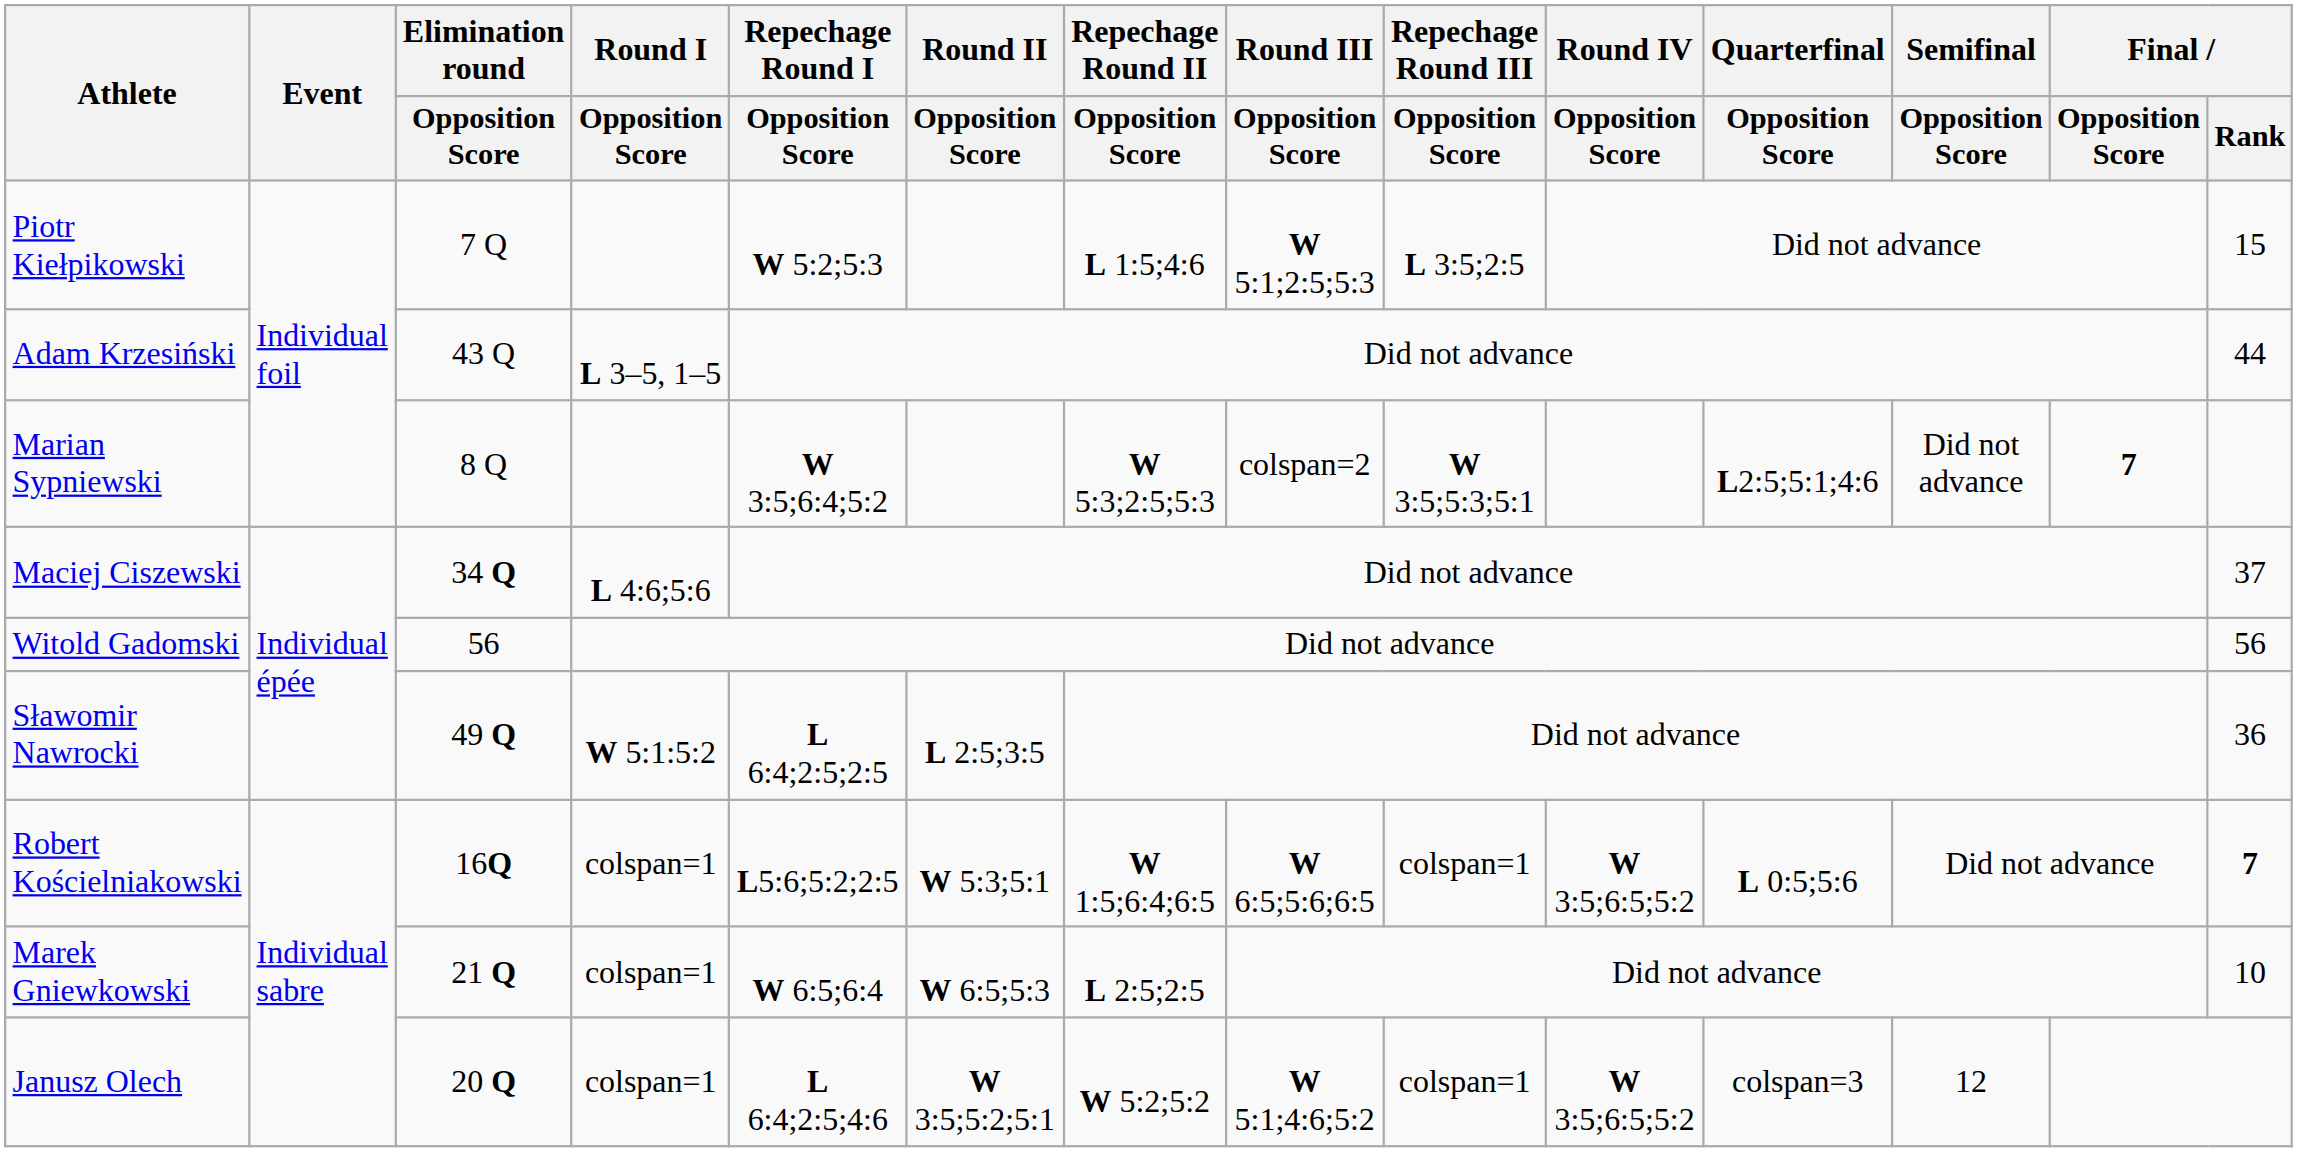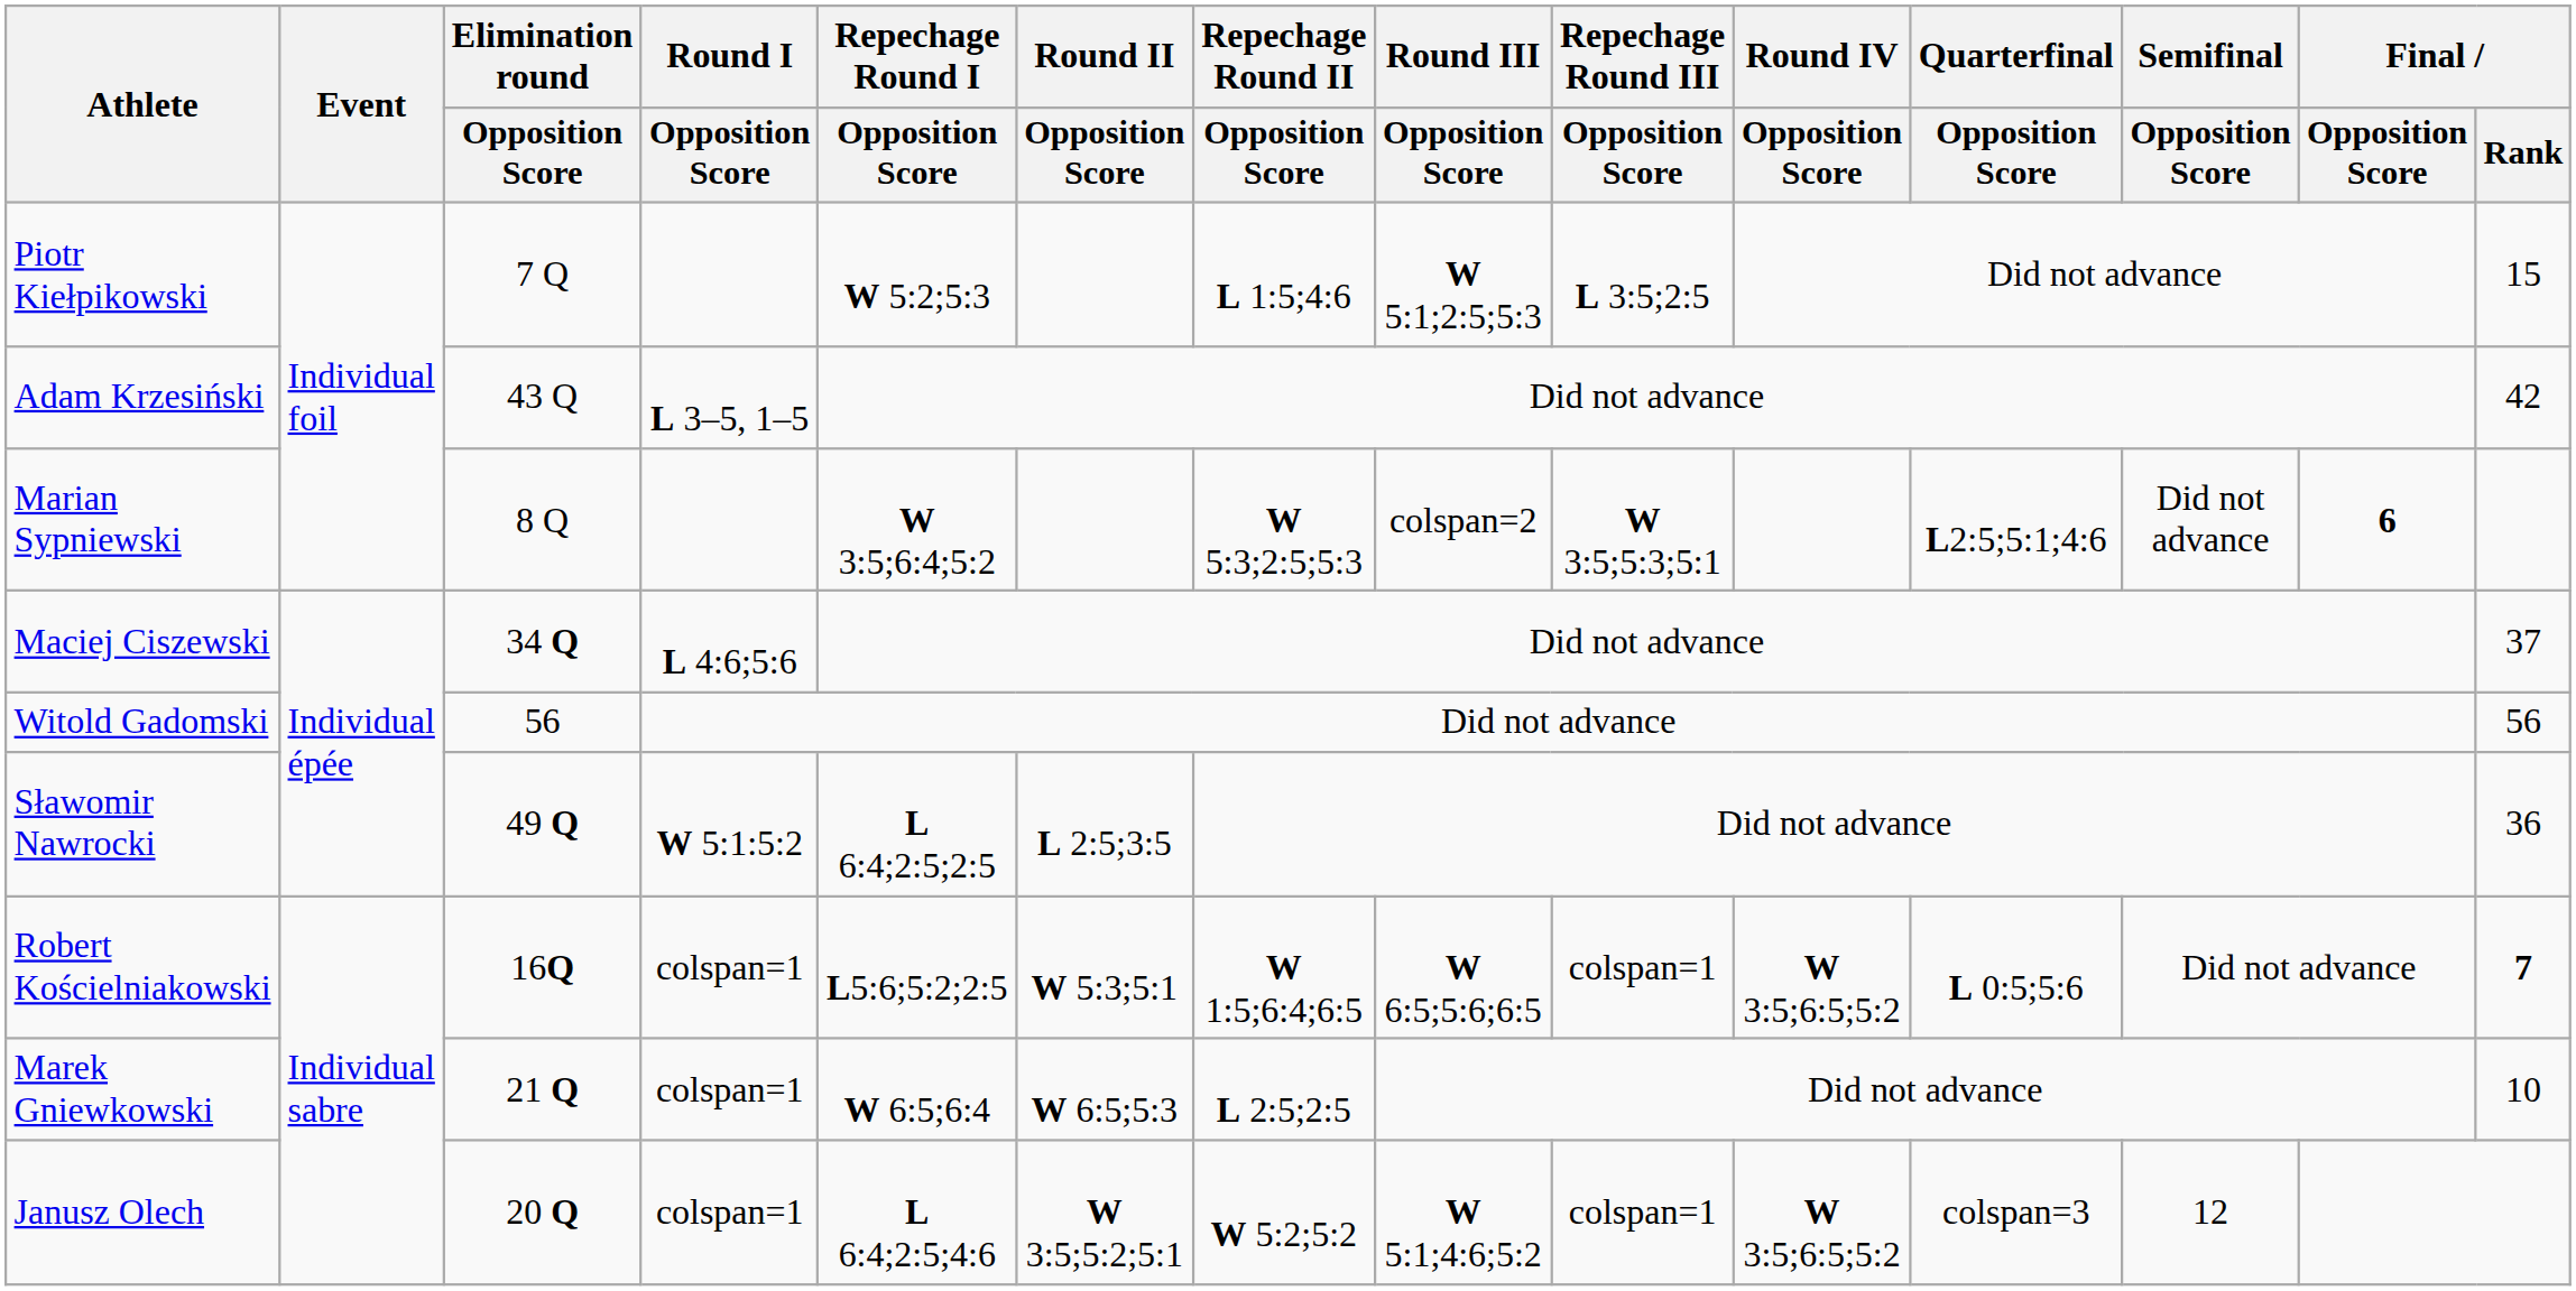 <table class="wikitable" style="font-size:90%">
 <tr>
 <th rowspan="2">Athlete</th>
 <th rowspan="2">Event</th>
 <th>Elimination round</th>
 <th>Round I</th>
 <th>Repechage Round I</th>
 <th>Round II</th>
 <th>Repechage Round II</th>
 <th>Round III</th>
 <th>Repechage Round III</th>
 <th>Round IV</th>
 <th>Quarterfinal</th>
 <th>Semifinal</th>
 <th colspan=2>Final / </th>
 </tr>
 <tr style="font-size:95%">
 <th>Opposition <br> Score</th>
 <th>Opposition <br> Score</th>
 <th>Opposition <br> Score</th>
 <th>Opposition <br> Score</th>
 <th>Opposition <br> Score</th>
 <th>Opposition <br> Score</th>
 <th>Opposition <br> Score</th>
 <th>Opposition <br> Score</th>
 <th>Opposition <br> Score</th>
 <th>Opposition <br> Score</th>
 <th>Opposition <br> Score</th>
 <th>Rank</th>
 </tr>
 <tr align=center>
 <td align=left><a href='#'>Piotr Kiełpikowski</a></td>
 <td align=left rowspan=3><a href='#'>Individual foil</a></td>
 <td>7 Q</td>
 <td></td>
 <td><br><strong>W</strong> 5:2;5:3</td>
 <td></td>
 <td><br><strong>L</strong> 1:5;4:6</td>
 <td><br><strong>W</strong> 5:1;2:5;5:3</td>
 <td><br><strong>L</strong> 3:5;2:5</td>
 <td colspan=4>Did not advance</td>
 <td>15</td>
 </tr>
 <tr align=center>
 <td align=left><a href='#'>Adam Krzesiński</a></td>
 <td>43 Q</td>
 <td><br><strong>L</strong> 3–5, 1–5</td>
 <td colspan=9>Did not advance</td>
-<td>44</td>
+<td>42</td>
 </tr>
 <tr align=center>
 <td align=left><a href='#'>Marian Sypniewski</a></td>
 <td>8 Q</td>
 <td></td>
 <td><br><strong>W</strong> 3:5;6:4;5:2</td>
 <td></td>
 <td><br><strong>W</strong> 5:3;2:5;5:3</td>
 <td>colspan=2 </td>
 <td><br><strong>W</strong> 3:5;5:3;5:1</td>
 <td></td>
 <td><br><strong>L</strong>2:5;5:1;4:6</td>
 <td colspan=1>Did not advance</td>
-<td><strong>7</strong></td>
+<td><strong>6</strong></td>
 </tr>
 <tr align=center>
 <td align=left><a href='#'>Maciej Ciszewski</a></td>
 <td align=left rowspan=3><a href='#'>Individual épée</a></td>
 <td>34 <strong>Q</strong></td>
 <td><br><strong>L</strong> 4:6;5:6</td>
 <td colspan=9>Did not advance</td>
 <td>37</td>
 </tr>
 <tr align=center>
 <td align=left><a href='#'>Witold Gadomski</a></td>
 <td>56</td>
 <td colspan=10>Did not advance</td>
 <td>56</td>
 </tr>
 <tr align=center>
 <td align=left><a href='#'>Sławomir Nawrocki</a></td>
 <td>49 <strong>Q</strong></td>
 <td><br><strong>W</strong> 5:1:5:2</td>
 <td><br><strong>L</strong> 6:4;2:5;2:5</td>
 <td><br><strong>L</strong> 2:5;3:5</td>
 <td colspan=7>Did not advance</td>
 <td>36</td>
 </tr>
 <tr align=center>
 <td align=left><a href='#'>Robert Kościelniakowski</a></td>
 <td align=left rowspan=3><a href='#'>Individual sabre</a></td>
 <td>16<strong>Q</strong></td>
 <td>colspan=1 </td>
 <td><br><strong>L</strong>5:6;5:2;2:5</td>
 <td><br><strong>W</strong> 5:3;5:1</td>
 <td><br><strong>W</strong> 1:5;6:4;6:5</td>
 <td><br><strong>W</strong> 6:5;5:6;6:5</td>
 <td>colspan=1 </td>
 <td><br><strong>W</strong> 3:5;6:5;5:2</td>
 <td><br><strong>L</strong> 0:5;5:6</td>
 <td colspan=2>Did not advance</td>
 <td><strong>7</strong></td>
 </tr>
 <tr align=center>
 <td align=left><a href='#'>Marek Gniewkowski</a></td>
 <td>21 <strong>Q</strong></td>
 <td>colspan=1 </td>
 <td><br><strong>W</strong>  6:5;6:4</td>
 <td><br><strong>W</strong> 6:5;5:3</td>
 <td><br><strong>L</strong> 2:5;2:5</td>
 <td colspan=6>Did not advance</td>
 <td>10</td>
 </tr>
 <tr align=center>
 <td align=left><a href='#'>Janusz Olech</a></td>
 <td>20 <strong>Q</strong></td>
 <td>colspan=1 </td>
 <td><br><strong>L</strong> 6:4;2:5;4:6</td>
 <td><br><strong>W</strong> 3:5;5:2;5:1</td>
 <td><br><strong>W</strong> 5:2;5:2</td>
 <td><br><strong>W</strong> 5:1;4:6;5:2</td>
 <td>colspan=1 </td>
 <td><br><strong>W</strong> 3:5;6:5;5:2</td>
 <td>colspan=3 </td>
 <td>12</td>
 </tr>
 </table>
